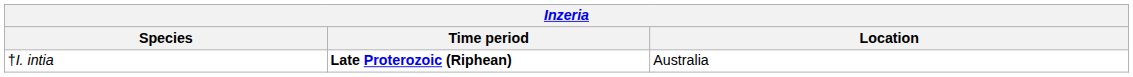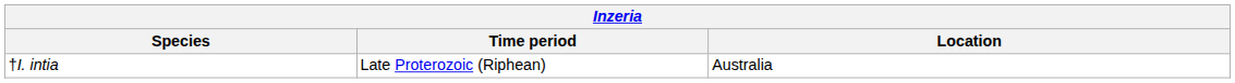 <table class="wikitable sortable" style="background:white; width:100%;">
 <tr>
 <th colspan="5" align="center"><em><a href='#'>Inzeria</a></em> </th>
 </tr>
 <tr>
 <th style=width:200px>Species</th>
 <th style=width:200px>Time period</th>
 <th style=width:300px>Location</th>
 </tr>
 <tr>
 <td>†<em>I. intia</em></td>
-<td><strong>Late <a href='#'>Proterozoic</a> (Riphean)</strong></td>
+<td>Late <a href='#'>Proterozoic</a> (Riphean)</td>
 <td>Australia</td>
 </tr>
 </table>
